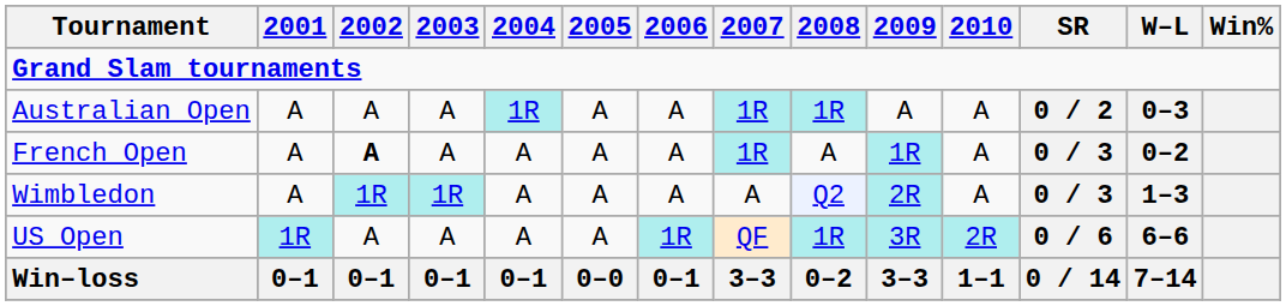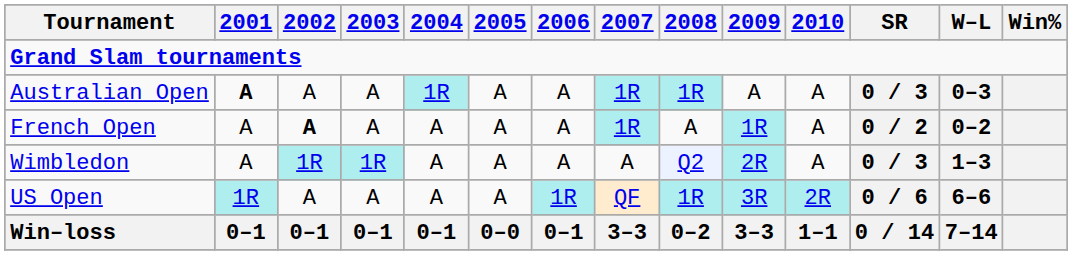 <table class=wikitable style=text-align:center;font-size:97%>
 <tr>
 <th>Tournament</th>
 <th><a href='#'>2001</a></th>
 <th><a href='#'>2002</a></th>
 <th><a href='#'>2003</a></th>
 <th><a href='#'>2004</a></th>
 <th><a href='#'>2005</a></th>
 <th><a href='#'>2006</a></th>
 <th><a href='#'>2007</a></th>
 <th><a href='#'>2008</a></th>
 <th><a href='#'>2009</a></th>
 <th><a href='#'>2010</a></th>
 <th>SR</th>
 <th>W–L</th>
 <th>Win%</th>
 </tr>
 <tr>
 <td colspan=25 style=text-align:left><a href='#'><strong>Grand Slam tournaments</strong></a></td>
 </tr>
 <tr>
 <td align=left><a href='#'>Australian Open</a></td>
-<td>A</td>
+<td><strong>A</strong></td>
 <td>A</td>
 <td>A</td>
 <td bgcolor=afeeee><a href='#'>1R</a></td>
 <td>A</td>
 <td>A</td>
 <td bgcolor=afeeee><a href='#'>1R</a></td>
 <td bgcolor=afeeee><a href='#'>1R</a></td>
 <td>A</td>
 <td>A</td>
-<th>0 / 2</th>
+<th>0 / 3</th>
 <th>0–3</th>
 <th></th>
 </tr>
 <tr>
 <td align=left><a href='#'>French Open</a></td>
 <td>A</td>
 <td><strong>A</strong></td>
 <td>A</td>
 <td>A</td>
 <td>A</td>
 <td>A</td>
 <td bgcolor=afeeee><a href='#'>1R</a></td>
 <td>A</td>
 <td bgcolor=afeeee><a href='#'>1R</a></td>
 <td>A</td>
-<th>0 / 3</th>
+<th>0 / 2</th>
 <th>0–2</th>
 <th></th>
 </tr>
 <tr>
 <td align=left><a href='#'>Wimbledon</a></td>
 <td>A</td>
 <td bgcolor=afeeee><a href='#'>1R</a></td>
 <td bgcolor=afeeee><a href='#'>1R</a></td>
 <td>A</td>
 <td>A</td>
 <td>A</td>
 <td>A</td>
 <td bgcolor=ecf2ff><a href='#'>Q2</a></td>
 <td bgcolor=afeeee><a href='#'>2R</a></td>
 <td>A</td>
 <th>0 / 3</th>
 <th>1–3</th>
 <th></th>
 </tr>
 <tr>
 <td align=left><a href='#'>US Open</a></td>
 <td bgcolor=afeeee><a href='#'>1R</a></td>
 <td>A</td>
 <td>A</td>
 <td>A</td>
 <td>A</td>
 <td bgcolor=afeeee><a href='#'>1R</a></td>
 <td bgcolor=ffebcd><a href='#'>QF</a></td>
 <td bgcolor=afeeee><a href='#'>1R</a></td>
 <td bgcolor=afeeee><a href='#'>3R</a></td>
 <td bgcolor=afeeee><a href='#'>2R</a></td>
 <th>0 / 6</th>
 <th>6–6</th>
 <th></th>
 </tr>
 <tr>
 <th style=text-align:left><strong>Win–loss</strong></th>
 <th>0–1</th>
 <th>0–1</th>
 <th>0–1</th>
 <th>0–1</th>
 <th>0–0</th>
 <th>0–1</th>
 <th>3–3</th>
 <th>0–2</th>
 <th>3–3</th>
 <th>1–1</th>
 <th>0 / 14</th>
 <th>7–14</th>
 <th></th>
 </tr>
 </table>
